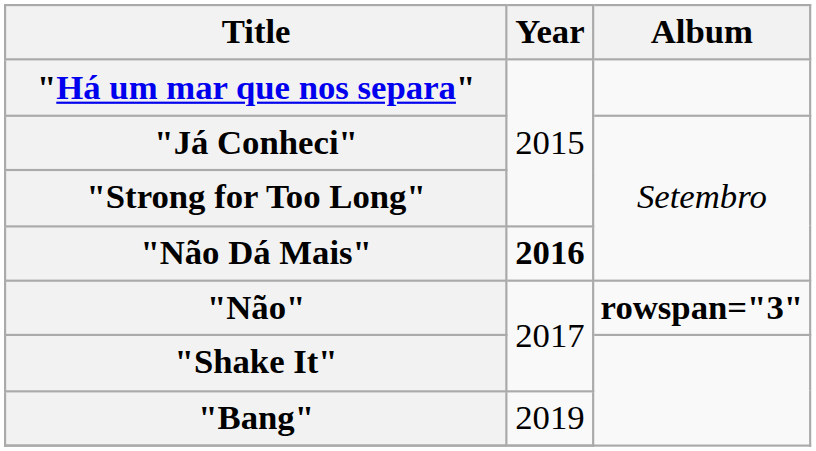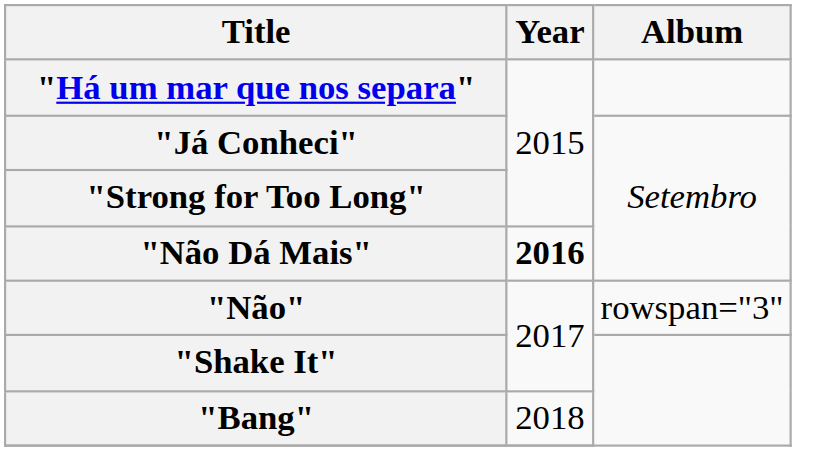 <table class="wikitable plainrowheaders" style="text-align:center;">
 <tr>
 <th scope="col" style="width:14em;">Title</th>
 <th scope="col" style="width:1em;">Year</th>
 <th scope="col">Album</th>
 </tr>
 <tr>
 <th scope="row">"<a href='#'>Há um mar que nos separa</a>"</th>
 <td rowspan="3">2015</td>
 <td></td>
 </tr>
 <tr>
 <th scope="row">"Já Conheci"</th>
 <td rowspan="3"><em>Setembro</em></td>
 </tr>
 <tr>
 <th scope="row">"Strong for Too Long"</th>
 </tr>
 <tr>
 <th scope="row">"Não Dá Mais"</th>
 <td><strong>2016</strong></td>
 </tr>
 <tr>
 <th scope="row">"Não"</th>
 <td rowspan="2">2017</td>
-<td><strong>rowspan="3" </strong></td>
+<td>rowspan="3" </td>
 </tr>
 <tr>
 <th scope="row">"Shake It"</th>
 </tr>
 <tr>
 <th scope="row">"Bang"</th>
-<td>2019</td>
+<td>2018</td>
 </tr>
 <tr>
 </tr>
 </table>
